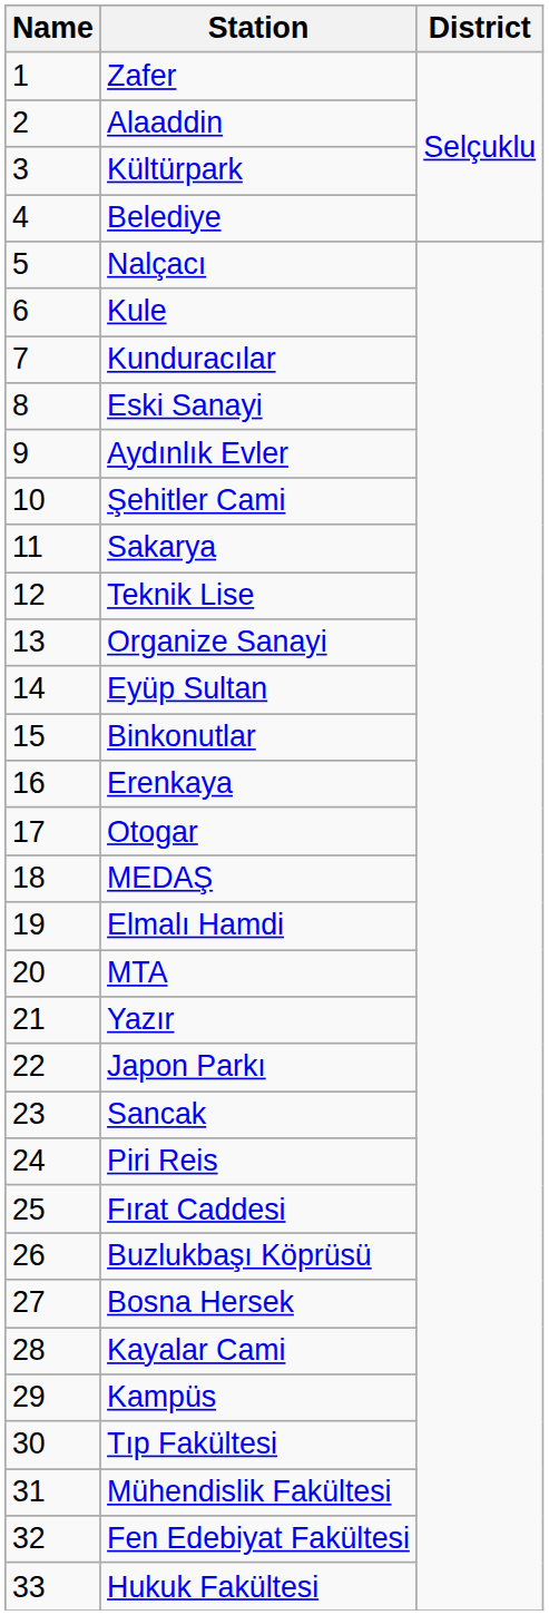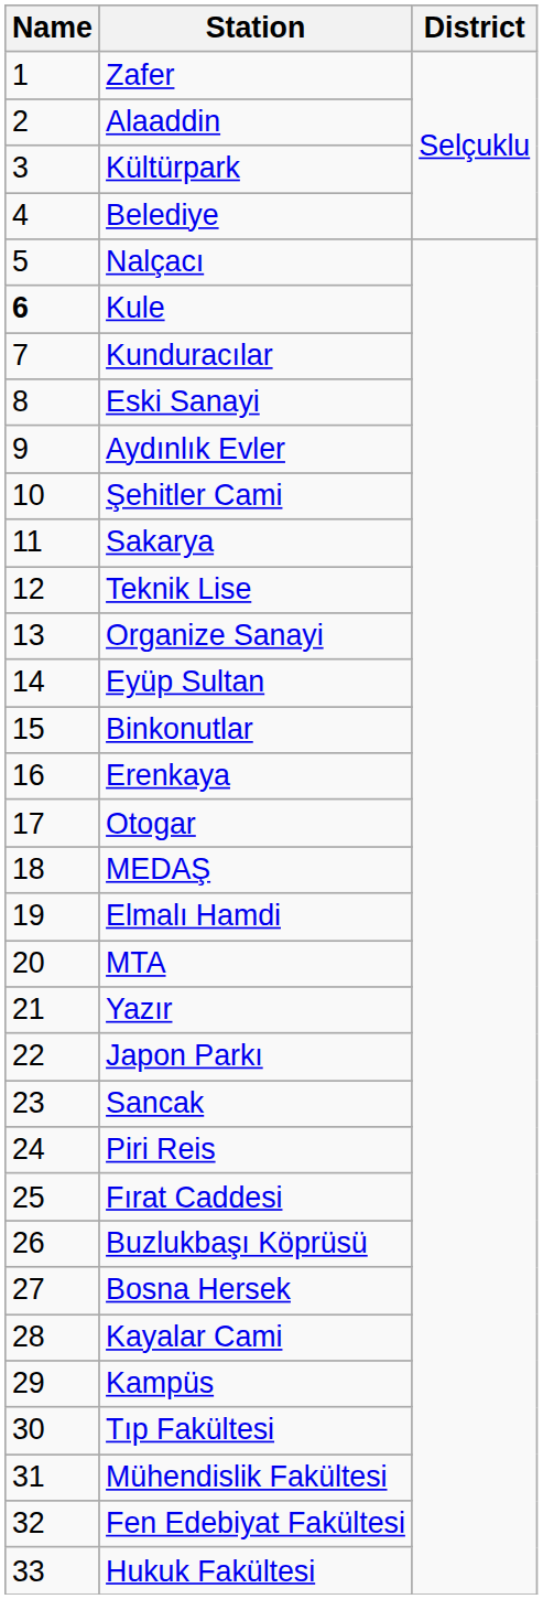 <table class="wikitable">
 <tr>
 <th>Name</th>
 <th>Station</th>
 <th>District</th>
 </tr>
 <tr>
 <td>1</td>
 <td><a href='#'>Zafer</a></td>
 <td rowspan="4"><a href='#'>Selçuklu</a></td>
 </tr>
 <tr>
 <td>2</td>
 <td><a href='#'>Alaaddin</a></td>
 </tr>
 <tr>
 <td>3</td>
 <td><a href='#'>Kültürpark</a></td>
 </tr>
 <tr>
 <td>4</td>
 <td><a href='#'>Belediye</a></td>
 </tr>
 <tr>
 <td>5</td>
 <td><a href='#'>Nalçacı</a></td>
 </tr>
 <tr>
-<td>6</td>
+<td><strong>6</strong></td>
 <td><a href='#'>Kule</a></td>
 </tr>
 <tr>
 <td>7</td>
 <td><a href='#'>Kunduracılar</a></td>
 </tr>
 <tr>
 <td>8</td>
 <td><a href='#'>Eski Sanayi</a></td>
 </tr>
 <tr>
 <td>9</td>
 <td><a href='#'>Aydınlık Evler</a></td>
 </tr>
 <tr>
 <td>10</td>
 <td><a href='#'>Şehitler Cami</a></td>
 </tr>
 <tr>
 <td>11</td>
 <td><a href='#'>Sakarya</a></td>
 </tr>
 <tr>
 <td>12</td>
 <td><a href='#'>Teknik Lise</a></td>
 </tr>
 <tr>
 <td>13</td>
 <td><a href='#'>Organize Sanayi</a></td>
 </tr>
 <tr>
 <td>14</td>
 <td><a href='#'>Eyüp Sultan</a></td>
 </tr>
 <tr>
 <td>15</td>
 <td><a href='#'>Binkonutlar</a></td>
 </tr>
 <tr>
 <td>16</td>
 <td><a href='#'>Erenkaya</a></td>
 </tr>
 <tr>
 <td>17</td>
 <td><a href='#'>Otogar</a></td>
 </tr>
 <tr>
 <td>18</td>
 <td><a href='#'>MEDAŞ</a></td>
 </tr>
 <tr>
 <td>19</td>
 <td><a href='#'>Elmalı Hamdi</a></td>
 </tr>
 <tr>
 <td>20</td>
 <td><a href='#'>MTA</a></td>
 </tr>
 <tr>
 <td>21</td>
 <td><a href='#'>Yazır</a></td>
 </tr>
 <tr>
 <td>22</td>
 <td><a href='#'>Japon Parkı</a></td>
 </tr>
 <tr>
 <td>23</td>
 <td><a href='#'>Sancak</a></td>
 </tr>
 <tr>
 <td>24</td>
 <td><a href='#'>Piri Reis</a></td>
 </tr>
 <tr>
 <td>25</td>
 <td><a href='#'>Fırat Caddesi</a></td>
 </tr>
 <tr>
 <td>26</td>
 <td><a href='#'>Buzlukbaşı Köprüsü</a></td>
 </tr>
 <tr>
 <td>27</td>
 <td><a href='#'>Bosna Hersek</a></td>
 </tr>
 <tr>
 <td>28</td>
 <td><a href='#'>Kayalar Cami</a></td>
 </tr>
 <tr>
 <td>29</td>
 <td><a href='#'>Kampüs</a></td>
 </tr>
 <tr>
 <td>30</td>
 <td><a href='#'>Tıp Fakültesi</a></td>
 </tr>
 <tr>
 <td>31</td>
 <td><a href='#'>Mühendislik Fakültesi</a></td>
 </tr>
 <tr>
 <td>32</td>
 <td><a href='#'>Fen Edebiyat Fakültesi</a></td>
 </tr>
 <tr>
 <td>33</td>
 <td><a href='#'>Hukuk Fakültesi</a></td>
 </tr>
 </table>
